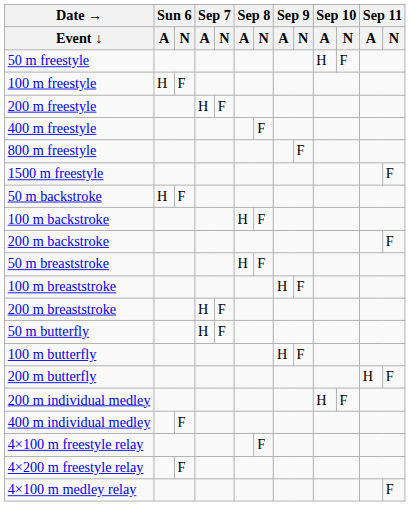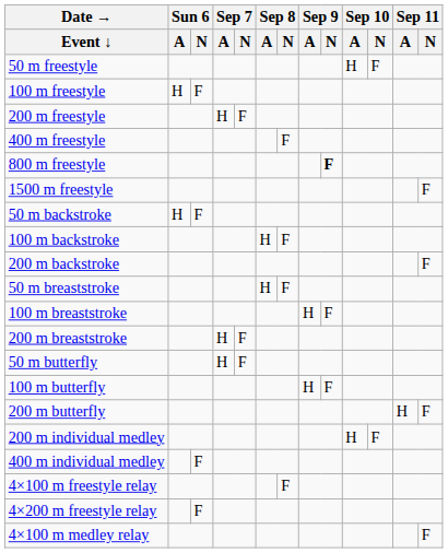 <table class="wikitable swimming-schedule">
 <tr>
 <th>Date →</th>
 <th colspan="2">Sun 6</th>
 <th colspan="2">Sep 7</th>
 <th colspan="2">Sep 8</th>
 <th colspan="2">Sep 9</th>
 <th colspan="2">Sep 10</th>
 <th colspan="2">Sep 11</th>
 </tr>
 <tr>
 <th>Event   ↓</th>
 <th>A</th>
 <th>N</th>
 <th>A</th>
 <th>N</th>
 <th>A</th>
 <th>N</th>
 <th>A</th>
 <th>N</th>
 <th>A</th>
 <th>N</th>
 <th>A</th>
 <th>N</th>
 </tr>
 <tr>
 <td class="event"><a href='#'>50 m freestyle</a></td>
 <td colspan=2></td>
 <td colspan=2></td>
 <td colspan=2></td>
 <td colspan=2></td>
 <td class="heats">H</td>
 <td class="final">F</td>
 <td colspan=2></td>
 </tr>
 <tr>
 <td class="event"><a href='#'>100 m freestyle</a></td>
 <td class="heats">H</td>
 <td class="final">F</td>
 <td colspan=2></td>
 <td colspan=2></td>
 <td colspan=2></td>
 <td colspan=2></td>
 <td colspan=2></td>
 </tr>
 <tr>
 <td class="event"><a href='#'>200 m freestyle</a></td>
 <td colspan=2></td>
 <td class="heats">H</td>
 <td class="final">F</td>
 <td colspan=2></td>
 <td colspan=2></td>
 <td colspan=2></td>
 <td colspan=2></td>
 </tr>
 <tr>
 <td class="event"><a href='#'>400 m freestyle</a></td>
 <td colspan=2></td>
 <td colspan=2></td>
 <td></td>
 <td class="final">F</td>
 <td colspan=2></td>
 <td colspan=2></td>
 <td colspan=2></td>
 </tr>
 <tr>
 <td class="event"><a href='#'>800 m freestyle</a></td>
 <td colspan=2></td>
 <td colspan=2></td>
 <td colspan=2></td>
 <td></td>
-<td class="final">F</td>
+<td class="final"><strong>F</strong></td>
 <td colspan=2></td>
 <td colspan=2></td>
 </tr>
 <tr>
 <td class="event"><a href='#'>1500 m freestyle</a></td>
 <td colspan=2></td>
 <td colspan=2></td>
 <td colspan=2></td>
 <td colspan=2></td>
 <td colspan=2></td>
 <td></td>
 <td class="final">F</td>
 </tr>
 <tr>
 <td class="event"><a href='#'>50 m backstroke</a></td>
 <td class="heats">H</td>
 <td class="final">F</td>
 <td colspan=2></td>
 <td colspan=2></td>
 <td colspan=2></td>
 <td colspan=2></td>
 <td colspan=2></td>
 </tr>
 <tr>
 <td class="event"><a href='#'>100 m backstroke</a></td>
 <td colspan=2></td>
 <td colspan=2></td>
 <td class="heats">H</td>
 <td class="final">F</td>
 <td colspan=2></td>
 <td colspan=2></td>
 <td colspan=2></td>
 </tr>
 <tr>
 <td class="event"><a href='#'>200 m backstroke</a></td>
 <td colspan=2></td>
 <td colspan=2></td>
 <td colspan=2></td>
 <td colspan=2></td>
 <td colspan=2></td>
 <td></td>
 <td class="final">F</td>
 </tr>
 <tr>
 <td class="event"><a href='#'>50 m breaststroke</a></td>
 <td colspan=2></td>
 <td colspan=2></td>
 <td class="heats">H</td>
 <td class="final">F</td>
 <td colspan=2></td>
 <td colspan=2></td>
 <td colspan=2></td>
 </tr>
 <tr>
 <td class="event"><a href='#'>100 m breaststroke</a></td>
 <td colspan=2></td>
 <td colspan=2></td>
 <td colspan=2></td>
 <td class="heats">H</td>
 <td class="final">F</td>
 <td colspan=2></td>
 <td colspan=2></td>
 </tr>
 <tr>
 <td class="event"><a href='#'>200 m breaststroke</a></td>
 <td colspan=2></td>
 <td class="heats">H</td>
 <td class="final">F</td>
 <td colspan=2></td>
 <td colspan=2></td>
 <td colspan=2></td>
 <td colspan=2></td>
 </tr>
 <tr>
 <td class="event"><a href='#'>50 m butterfly</a></td>
 <td colspan=2></td>
 <td class="heats">H</td>
 <td class="final">F</td>
 <td colspan=2></td>
 <td colspan=2></td>
 <td colspan=2></td>
 <td colspan=2></td>
 </tr>
 <tr>
 <td class="event"><a href='#'>100 m butterfly</a></td>
 <td colspan=2></td>
 <td colspan=2></td>
 <td colspan=2></td>
 <td class="heats">H</td>
 <td class="final">F</td>
 <td colspan=2></td>
 <td colspan=2></td>
 </tr>
 <tr>
 <td class="event"><a href='#'>200 m butterfly</a></td>
 <td colspan=2></td>
 <td colspan=2></td>
 <td colspan=2></td>
 <td colspan=2></td>
 <td colspan=2></td>
 <td class="heats">H</td>
 <td class="final">F</td>
 </tr>
 <tr>
 <td class="event"><a href='#'>200 m individual medley</a></td>
 <td colspan=2></td>
 <td colspan=2></td>
 <td colspan=2></td>
 <td colspan=2></td>
 <td class="heats">H</td>
 <td class="final">F</td>
 <td colspan=2></td>
 </tr>
 <tr>
 <td class="event"><a href='#'>400 m individual medley</a></td>
 <td></td>
 <td class="final">F</td>
 <td colspan=2></td>
 <td colspan=2></td>
 <td colspan=2></td>
 <td colspan=2></td>
 <td colspan=2></td>
 </tr>
 <tr>
 <td class="event"><a href='#'>4×100 m freestyle relay</a></td>
 <td colspan=2></td>
 <td colspan=2></td>
 <td></td>
 <td class="final">F</td>
 <td colspan=2></td>
 <td colspan=2></td>
 <td colspan=2></td>
 </tr>
 <tr>
 <td class="event"><a href='#'>4×200 m freestyle relay</a></td>
 <td></td>
 <td class="final">F</td>
 <td colspan=2></td>
 <td colspan=2></td>
 <td colspan=2></td>
 <td colspan=2></td>
 <td colspan=2></td>
 </tr>
 <tr>
 <td class="event"><a href='#'>4×100 m medley relay</a></td>
 <td colspan=2></td>
 <td colspan=2></td>
 <td colspan=2></td>
 <td colspan=2></td>
 <td colspan=2></td>
 <td></td>
 <td class="final">F</td>
 </tr>
 </table>
